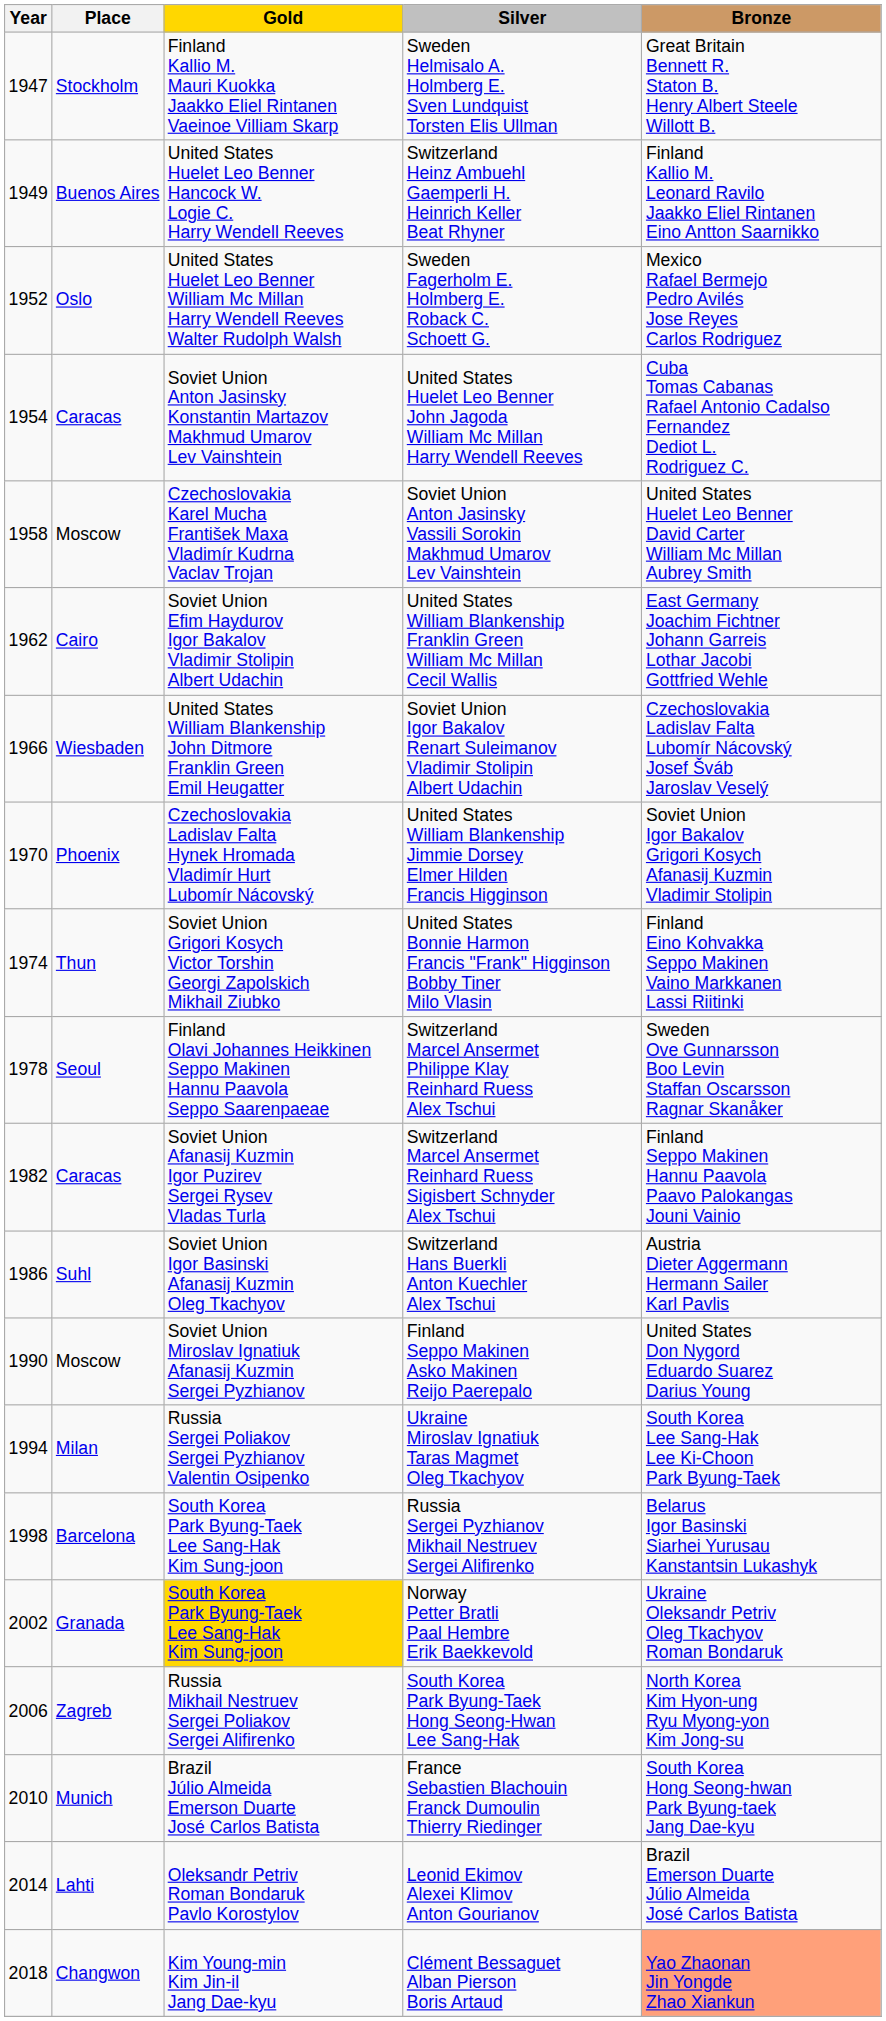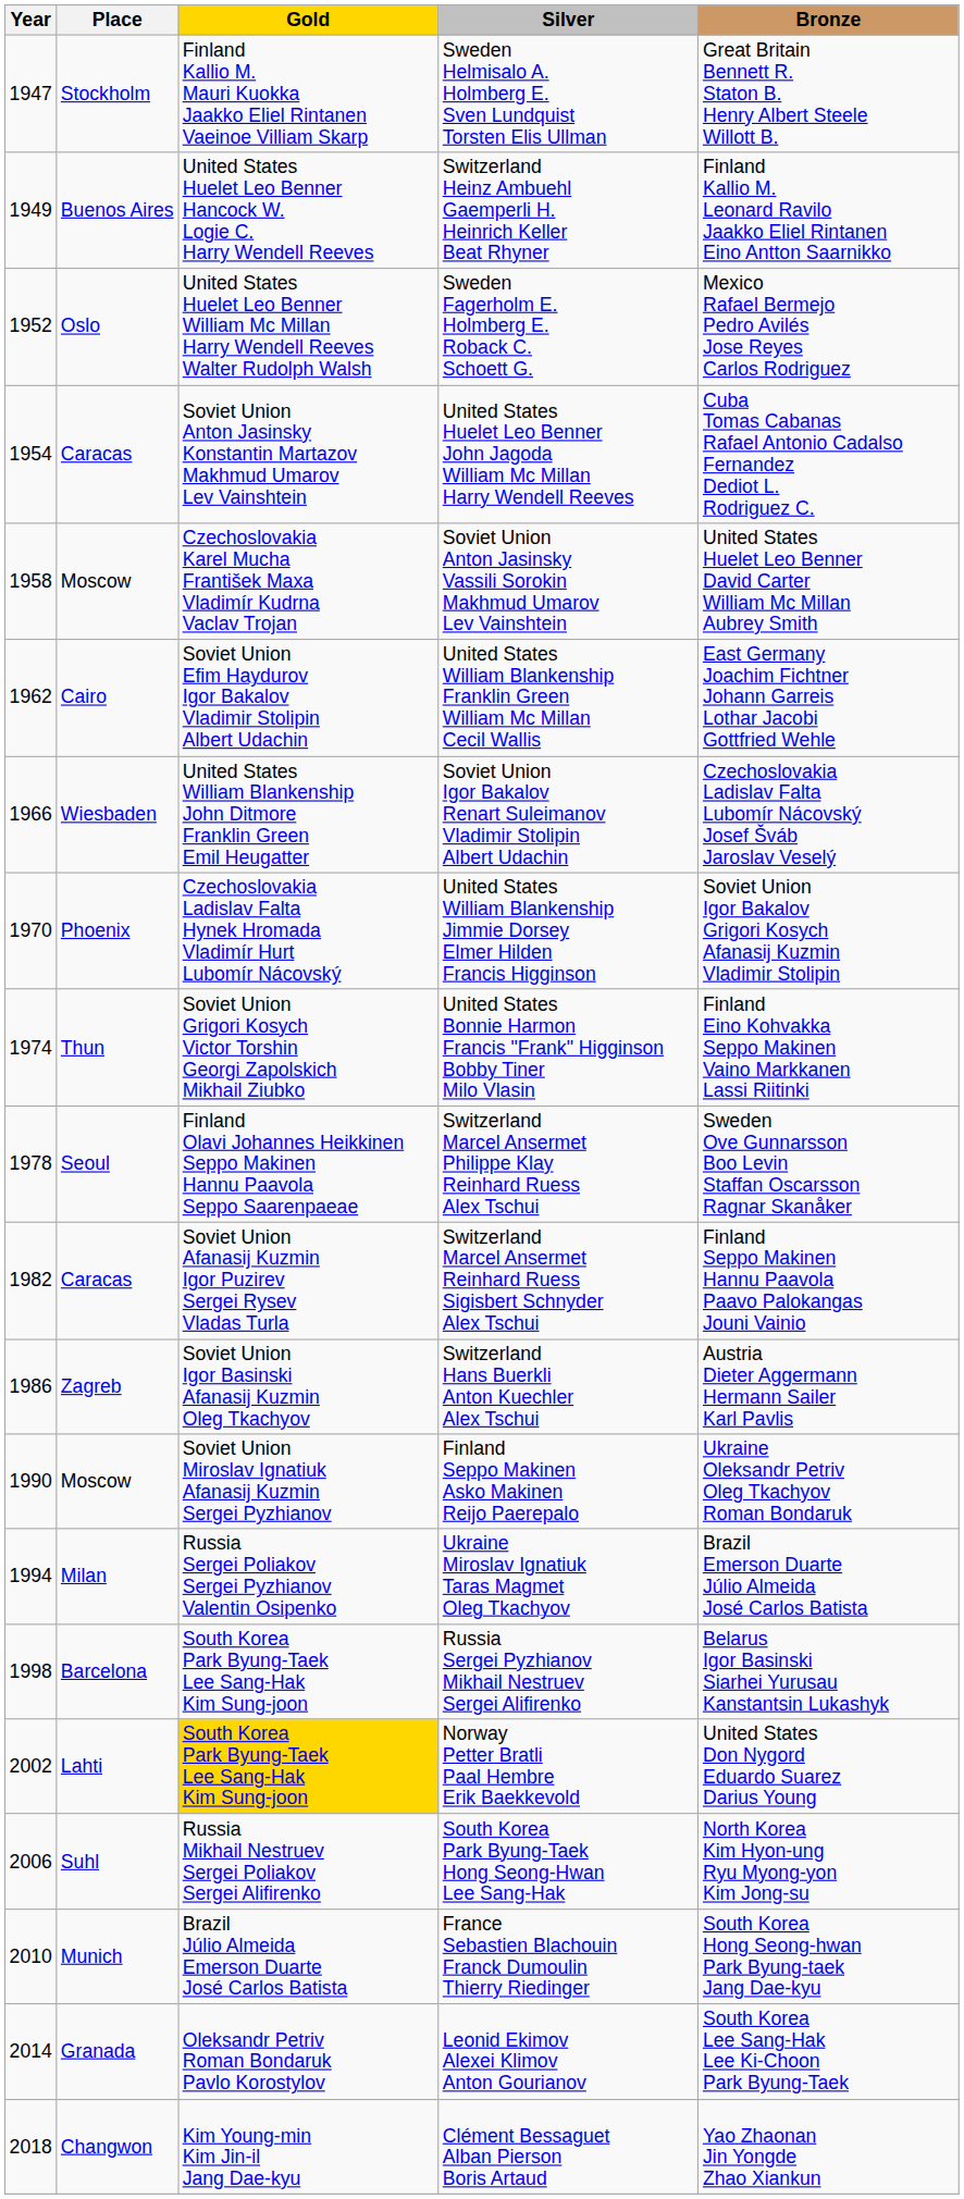 <table class="wikitable">
 <tr>
 <th>Year</th>
 <th>Place</th>
 <th style="background:gold"    width="210">Gold</th>
 <th style="background:silver"  width="210">Silver</th>
 <th style="background:#cc9966" width="210">Bronze</th>
 </tr>
 <tr>
 <td>1947</td>
 <td> <a href='#'>Stockholm</a></td>
 <td> Finland<br><a href='#'>Kallio M.</a><br><a href='#'>Mauri Kuokka</a><br><a href='#'>Jaakko Eliel Rintanen</a><br><a href='#'>Vaeinoe Villiam Skarp</a></td>
 <td> Sweden<br><a href='#'>Helmisalo A.</a><br><a href='#'>Holmberg E.</a><br><a href='#'>Sven Lundquist</a><br><a href='#'>Torsten Elis Ullman</a></td>
 <td> Great Britain<br><a href='#'>Bennett R.</a><br><a href='#'>Staton B.</a><br><a href='#'>Henry Albert Steele</a><br><a href='#'>Willott B.</a></td>
 </tr>
 <tr>
 <td>1949</td>
 <td> <a href='#'>Buenos Aires</a></td>
 <td> United States<br><a href='#'>Huelet Leo Benner</a><br><a href='#'>Hancock W.</a><br><a href='#'>Logie C.</a><br><a href='#'>Harry Wendell Reeves</a></td>
 <td> Switzerland<br><a href='#'>Heinz Ambuehl</a><br><a href='#'>Gaemperli H.</a><br><a href='#'>Heinrich Keller</a><br><a href='#'>Beat Rhyner</a></td>
 <td> Finland<br><a href='#'>Kallio M.</a><br><a href='#'>Leonard Ravilo</a><br><a href='#'>Jaakko Eliel Rintanen</a><br><a href='#'>Eino Antton Saarnikko</a></td>
 </tr>
 <tr>
 <td>1952</td>
 <td> <a href='#'>Oslo</a></td>
 <td> United States<br><a href='#'>Huelet Leo Benner</a><br><a href='#'>William Mc Millan</a><br><a href='#'>Harry Wendell Reeves</a><br><a href='#'>Walter Rudolph Walsh</a></td>
 <td> Sweden<br><a href='#'>Fagerholm E.</a><br><a href='#'>Holmberg E.</a><br><a href='#'>Roback C.</a><br><a href='#'>Schoett G.</a></td>
 <td> Mexico<br><a href='#'>Rafael Bermejo</a><br><a href='#'>Pedro Avilés</a><br><a href='#'>Jose Reyes</a><br><a href='#'>Carlos Rodriguez</a></td>
 </tr>
 <tr>
 <td>1954</td>
 <td> <a href='#'>Caracas</a></td>
 <td> Soviet Union<br><a href='#'>Anton Jasinsky</a><br><a href='#'>Konstantin Martazov</a><br><a href='#'>Makhmud Umarov</a><br><a href='#'>Lev Vainshtein</a></td>
 <td> United States<br><a href='#'>Huelet Leo Benner</a><br><a href='#'>John Jagoda</a><br><a href='#'>William Mc Millan</a><br><a href='#'>Harry Wendell Reeves</a></td>
 <td> <a href='#'>Cuba</a><br><a href='#'>Tomas Cabanas</a><br><a href='#'>Rafael Antonio Cadalso Fernandez</a><br><a href='#'>Dediot L.</a><br><a href='#'>Rodriguez C.</a></td>
 </tr>
 <tr>
 <td>1958</td>
 <td> Moscow</td>
 <td> <a href='#'>Czechoslovakia</a><br><a href='#'>Karel Mucha</a><br><a href='#'>František Maxa</a><br><a href='#'>Vladimír Kudrna</a><br><a href='#'>Vaclav Trojan</a></td>
 <td> Soviet Union<br><a href='#'>Anton Jasinsky</a><br><a href='#'>Vassili Sorokin</a><br><a href='#'>Makhmud Umarov</a><br><a href='#'>Lev Vainshtein</a></td>
 <td> United States<br><a href='#'>Huelet Leo Benner</a><br><a href='#'>David Carter</a><br><a href='#'>William Mc Millan</a><br><a href='#'>Aubrey Smith</a></td>
 </tr>
 <tr>
 <td>1962</td>
 <td> <a href='#'>Cairo</a></td>
 <td> Soviet Union<br><a href='#'>Efim Haydurov</a><br><a href='#'>Igor Bakalov</a><br><a href='#'>Vladimir Stolipin</a><br><a href='#'>Albert Udachin</a></td>
 <td> United States<br><a href='#'>William Blankenship</a><br><a href='#'>Franklin Green</a><br><a href='#'>William Mc Millan</a><br><a href='#'>Cecil Wallis</a></td>
 <td> <a href='#'>East Germany</a><br><a href='#'>Joachim Fichtner</a><br><a href='#'>Johann Garreis</a><br><a href='#'>Lothar Jacobi</a><br><a href='#'>Gottfried Wehle</a></td>
 </tr>
 <tr>
 <td>1966</td>
 <td> <a href='#'>Wiesbaden</a></td>
 <td> United States<br><a href='#'>William Blankenship</a><br><a href='#'>John Ditmore</a><br><a href='#'>Franklin Green</a><br><a href='#'>Emil Heugatter</a></td>
 <td> Soviet Union<br><a href='#'>Igor Bakalov</a><br><a href='#'>Renart Suleimanov</a><br><a href='#'>Vladimir Stolipin</a><br><a href='#'>Albert Udachin</a></td>
 <td> <a href='#'>Czechoslovakia</a><br><a href='#'>Ladislav Falta</a><br><a href='#'>Lubomír Nácovský</a><br><a href='#'>Josef Šváb</a><br><a href='#'>Jaroslav Veselý</a></td>
 </tr>
 <tr>
 <td>1970</td>
 <td> <a href='#'>Phoenix</a></td>
 <td> <a href='#'>Czechoslovakia</a><br><a href='#'>Ladislav Falta</a><br><a href='#'>Hynek Hromada</a><br><a href='#'>Vladimír Hurt</a><br><a href='#'>Lubomír Nácovský</a></td>
 <td> United States<br><a href='#'>William Blankenship</a><br><a href='#'>Jimmie Dorsey</a><br><a href='#'>Elmer Hilden</a><br><a href='#'>Francis Higginson</a></td>
 <td> Soviet Union<br><a href='#'>Igor Bakalov</a><br><a href='#'>Grigori Kosych</a><br><a href='#'>Afanasij Kuzmin</a><br><a href='#'>Vladimir Stolipin</a></td>
 </tr>
 <tr>
 <td>1974</td>
 <td> <a href='#'>Thun</a></td>
 <td> Soviet Union<br><a href='#'>Grigori Kosych</a><br><a href='#'>Victor Torshin</a><br><a href='#'>Georgi Zapolskich</a><br><a href='#'>Mikhail Ziubko</a></td>
 <td> United States<br><a href='#'>Bonnie Harmon</a><br><a href='#'>Francis "Frank" Higginson</a><br><a href='#'>Bobby Tiner</a><br><a href='#'>Milo Vlasin</a></td>
 <td> Finland<br><a href='#'>Eino Kohvakka</a><br><a href='#'>Seppo Makinen</a><br><a href='#'>Vaino Markkanen</a><br><a href='#'>Lassi Riitinki</a></td>
 </tr>
 <tr>
 <td>1978</td>
 <td> <a href='#'>Seoul</a></td>
 <td> Finland<br><a href='#'>Olavi Johannes Heikkinen</a><br><a href='#'>Seppo Makinen</a><br><a href='#'>Hannu Paavola</a><br><a href='#'>Seppo Saarenpaeae</a></td>
 <td> Switzerland<br><a href='#'>Marcel Ansermet</a><br><a href='#'>Philippe Klay</a><br><a href='#'>Reinhard Ruess</a><br><a href='#'>Alex Tschui</a></td>
 <td> Sweden<br><a href='#'>Ove Gunnarsson</a><br><a href='#'>Boo Levin</a><br><a href='#'>Staffan Oscarsson</a><br><a href='#'>Ragnar Skanåker</a></td>
 </tr>
 <tr>
 <td>1982</td>
 <td> <a href='#'>Caracas</a></td>
 <td> Soviet Union<br><a href='#'>Afanasij Kuzmin</a><br><a href='#'>Igor Puzirev</a><br><a href='#'>Sergei Rysev</a><br><a href='#'>Vladas Turla</a></td>
 <td> Switzerland<br><a href='#'>Marcel Ansermet</a><br><a href='#'>Reinhard Ruess</a><br><a href='#'>Sigisbert Schnyder</a><br><a href='#'>Alex Tschui</a></td>
 <td> Finland<br><a href='#'>Seppo Makinen</a><br><a href='#'>Hannu Paavola</a><br><a href='#'>Paavo Palokangas</a><br><a href='#'>Jouni Vainio</a></td>
 </tr>
 <tr>
 <td>1986</td>
-<td> <a href='#'>Suhl</a></td>
+<td> <a href='#'>Zagreb</a></td>
 <td> Soviet Union<br><a href='#'>Igor Basinski</a><br><a href='#'>Afanasij Kuzmin</a><br><a href='#'>Oleg Tkachyov</a></td>
 <td> Switzerland<br><a href='#'>Hans Buerkli</a><br><a href='#'>Anton Kuechler</a><br><a href='#'>Alex Tschui</a></td>
 <td> Austria<br><a href='#'>Dieter Aggermann</a><br><a href='#'>Hermann Sailer</a><br><a href='#'>Karl Pavlis</a></td>
 </tr>
 <tr>
 <td>1990</td>
 <td> Moscow</td>
 <td> Soviet Union<br><a href='#'>Miroslav Ignatiuk</a><br><a href='#'>Afanasij Kuzmin</a><br><a href='#'>Sergei Pyzhianov</a></td>
 <td> Finland<br><a href='#'>Seppo Makinen</a><br><a href='#'>Asko Makinen</a><br><a href='#'>Reijo Paerepalo</a></td>
-<td> United States<br><a href='#'>Don Nygord</a><br><a href='#'>Eduardo Suarez</a><br><a href='#'>Darius Young</a></td>
+<td> <a href='#'>Ukraine</a><br><a href='#'>Oleksandr Petriv</a><br><a href='#'>Oleg Tkachyov</a><br><a href='#'>Roman Bondaruk</a></td>
 </tr>
 <tr>
 <td>1994</td>
 <td> <a href='#'>Milan</a></td>
 <td> Russia<br><a href='#'>Sergei Poliakov</a><br><a href='#'>Sergei Pyzhianov</a><br><a href='#'>Valentin Osipenko</a></td>
 <td> <a href='#'>Ukraine</a><br><a href='#'>Miroslav Ignatiuk</a><br><a href='#'>Taras Magmet</a><br><a href='#'>Oleg Tkachyov</a></td>
-<td> <a href='#'>South Korea</a><br><a href='#'>Lee Sang-Hak</a><br><a href='#'>Lee Ki-Choon</a><br><a href='#'>Park Byung-Taek</a></td>
+<td> Brazil<br><a href='#'>Emerson Duarte</a><br><a href='#'>Júlio Almeida</a><br><a href='#'>José Carlos Batista</a></td>
 </tr>
 <tr>
 <td>1998</td>
 <td> <a href='#'>Barcelona</a></td>
 <td> <a href='#'>South Korea</a><br><a href='#'>Park Byung-Taek</a><br><a href='#'>Lee Sang-Hak</a><br><a href='#'>Kim Sung-joon</a></td>
 <td> Russia<br><a href='#'>Sergei Pyzhianov</a><br><a href='#'>Mikhail Nestruev</a><br><a href='#'>Sergei Alifirenko</a></td>
 <td> <a href='#'>Belarus</a><br><a href='#'>Igor Basinski</a><br><a href='#'>Siarhei Yurusau</a><br><a href='#'>Kanstantsin Lukashyk</a></td>
 </tr>
 <tr>
 <td>2002</td>
-<td> <a href='#'>Granada</a></td>
+<td> <a href='#'>Lahti</a></td>
 <td style="background: gold;"> <a href='#'>South Korea</a><br><a href='#'>Park Byung-Taek</a><br><a href='#'>Lee Sang-Hak</a><br><a href='#'>Kim Sung-joon</a></td>
 <td> Norway<br><a href='#'>Petter Bratli</a><br><a href='#'>Paal Hembre</a><br><a href='#'>Erik Baekkevold</a></td>
-<td> <a href='#'>Ukraine</a><br><a href='#'>Oleksandr Petriv</a><br><a href='#'>Oleg Tkachyov</a><br><a href='#'>Roman Bondaruk</a></td>
+<td> United States<br><a href='#'>Don Nygord</a><br><a href='#'>Eduardo Suarez</a><br><a href='#'>Darius Young</a></td>
 </tr>
 <tr>
 <td>2006</td>
-<td> <a href='#'>Zagreb</a></td>
+<td> <a href='#'>Suhl</a></td>
 <td> Russia<br><a href='#'>Mikhail Nestruev</a><br><a href='#'>Sergei Poliakov</a><br><a href='#'>Sergei Alifirenko</a></td>
 <td> <a href='#'>South Korea</a><br><a href='#'>Park Byung-Taek</a><br><a href='#'>Hong Seong-Hwan</a><br><a href='#'>Lee Sang-Hak</a></td>
 <td> <a href='#'>North Korea</a><br><a href='#'>Kim Hyon-ung</a><br><a href='#'>Ryu Myong-yon</a><br><a href='#'>Kim Jong-su</a></td>
 </tr>
 <tr>
 <td>2010</td>
 <td> <a href='#'>Munich</a></td>
 <td> Brazil<br><a href='#'>Júlio Almeida</a><br><a href='#'>Emerson Duarte</a><br><a href='#'>José Carlos Batista</a></td>
 <td> France<br><a href='#'>Sebastien Blachouin</a><br><a href='#'>Franck Dumoulin</a><br><a href='#'>Thierry Riedinger</a></td>
 <td> <a href='#'>South Korea</a><br><a href='#'>Hong Seong-hwan</a><br><a href='#'>Park Byung-taek</a><br><a href='#'>Jang Dae-kyu</a></td>
 </tr>
 <tr>
 <td>2014</td>
-<td> <a href='#'>Lahti</a></td>
+<td> <a href='#'>Granada</a></td>
 <td><br><a href='#'>Oleksandr Petriv</a><br><a href='#'>Roman Bondaruk</a><br><a href='#'>Pavlo Korostylov</a></td>
 <td><br><a href='#'>Leonid Ekimov</a><br><a href='#'>Alexei Klimov</a><br><a href='#'>Anton Gourianov</a></td>
-<td> Brazil<br><a href='#'>Emerson Duarte</a><br><a href='#'>Júlio Almeida</a><br><a href='#'>José Carlos Batista</a></td>
+<td> <a href='#'>South Korea</a><br><a href='#'>Lee Sang-Hak</a><br><a href='#'>Lee Ki-Choon</a><br><a href='#'>Park Byung-Taek</a></td>
 </tr>
 <tr>
 <td>2018</td>
 <td> <a href='#'>Changwon</a></td>
 <td><br><a href='#'>Kim Young-min</a><br><a href='#'>Kim Jin-il</a><br><a href='#'>Jang Dae-kyu</a></td>
 <td><br><a href='#'>Clément Bessaguet</a><br><a href='#'>Alban Pierson</a><br><a href='#'>Boris Artaud</a></td>
-<td style="background: lightsalmon;"><br><a href='#'>Yao Zhaonan</a><br><a href='#'>Jin Yongde</a><br><a href='#'>Zhao Xiankun</a></td>
+<td><br><a href='#'>Yao Zhaonan</a><br><a href='#'>Jin Yongde</a><br><a href='#'>Zhao Xiankun</a></td>
 </tr>
 <tr>
 </tr>
 </table>
